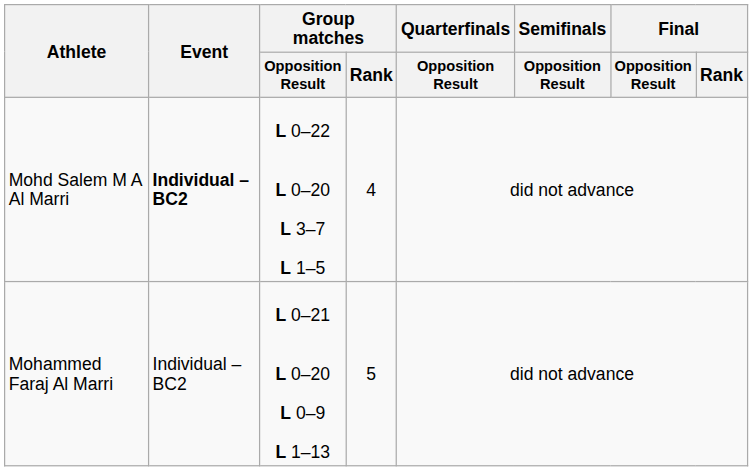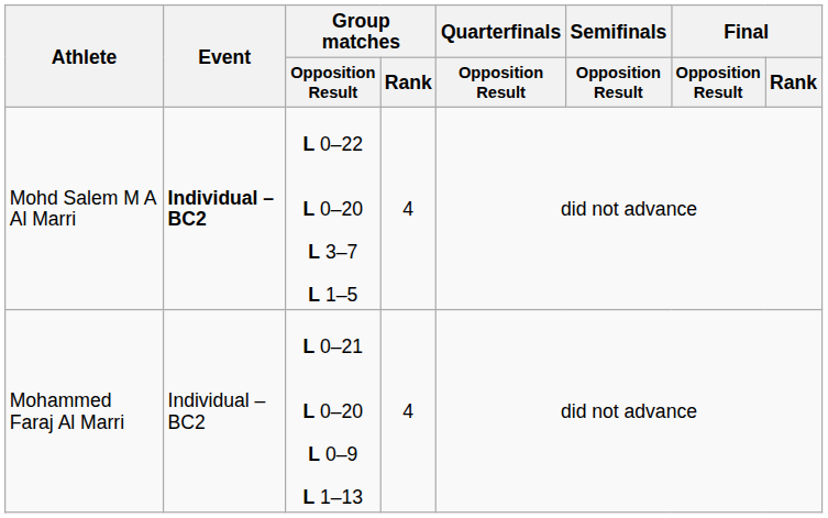 <table class=wikitable style="font-size:90%">
 <tr>
 <th rowspan="2">Athlete</th>
 <th rowspan="2">Event</th>
 <th colspan="2">Group matches</th>
 <th>Quarterfinals</th>
 <th>Semifinals</th>
 <th colspan="2">Final</th>
 </tr>
 <tr>
 <th style="line-height:1em"><small>Opposition<br>Result</small></th>
 <th>Rank</th>
 <th style="line-height:1em"><small>Opposition<br>Result</small></th>
 <th style="line-height:1em"><small>Opposition<br>Result</small></th>
 <th style="line-height:1em"><small>Opposition<br>Result</small></th>
 <th>Rank</th>
 </tr>
 <tr>
 <td>Mohd Salem M A Al Marri</td>
 <td><strong>Individual – BC2</strong></td>
 <td align="center"><br> <strong>L</strong> 0–22<br><br><br> <strong>L</strong> 0–20<br> <br> <strong>L</strong> 3–7<br> <br> <strong>L</strong> 1–5 <br></td>
 <td align="center">4</td>
 <td align="center" colspan=4>did not advance</td>
 </tr>
 <tr>
 <td>Mohammed Faraj Al Marri</td>
 <td>Individual – BC2</td>
 <td align="center"><br> <strong>L</strong> 0–21<br><br><br> <strong>L</strong> 0–20<br> <br> <strong>L</strong> 0–9<br> <br> <strong>L</strong> 1–13</td>
-<td align="center">5</td>
+<td align="center">4</td>
 <td align="center" colspan=4>did not advance</td>
 </tr>
 </table>
